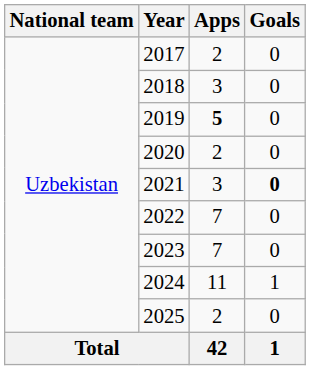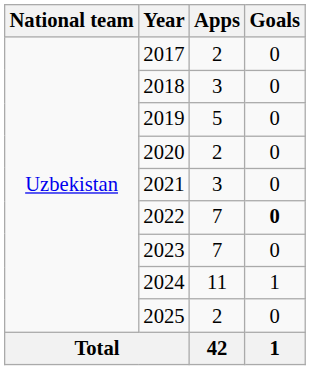 <table class=wikitable style=text-align:center>
 <tr>
 <th>National team</th>
 <th>Year</th>
 <th>Apps</th>
 <th>Goals</th>
 </tr>
 <tr>
 <td rowspan="9"><a href='#'>Uzbekistan</a></td>
 <td>2017</td>
 <td>2</td>
 <td>0</td>
 </tr>
 <tr>
 <td>2018</td>
 <td>3</td>
 <td>0</td>
 </tr>
 <tr>
 <td>2019</td>
-<td><strong>5</strong></td>
+<td>5</td>
 <td>0</td>
 </tr>
 <tr>
 <td>2020</td>
 <td>2</td>
 <td>0</td>
 </tr>
 <tr>
 <td>2021</td>
 <td>3</td>
-<td><strong>0</strong></td>
+<td>0</td>
 </tr>
 <tr>
 <td>2022</td>
 <td>7</td>
-<td>0</td>
+<td><strong>0</strong></td>
 </tr>
 <tr>
 <td>2023</td>
 <td>7</td>
 <td>0</td>
 </tr>
 <tr>
 <td>2024</td>
 <td>11</td>
 <td>1</td>
 </tr>
 <tr>
 <td>2025</td>
 <td>2</td>
 <td>0</td>
 </tr>
 <tr>
 <th colspan=2>Total</th>
 <th>42</th>
 <th>1</th>
 </tr>
 </table>
